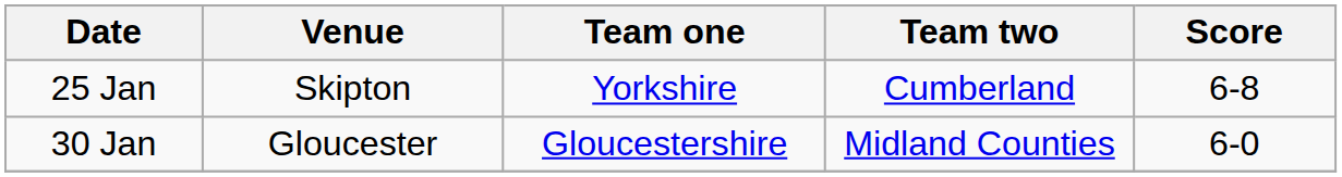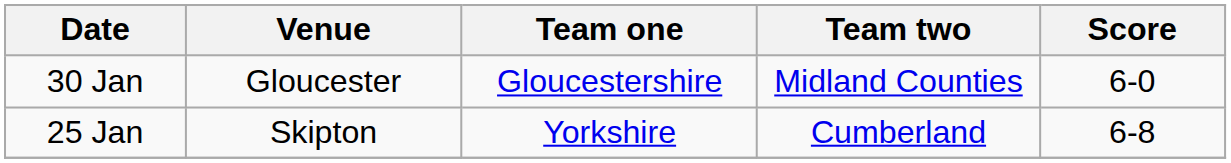 <table class="wikitable" style="text-align: center">
 <tr>
 <th width=100>Date</th>
 <th width=150>Venue</th>
 <th width=150>Team one</th>
 <th width=150>Team two</th>
 <th width=100>Score</th>
 </tr>
 <tr>
+<td>30 Jan</td>
+<td>Gloucester</td>
+<td><a href='#'>Gloucestershire</a></td>
+<td><a href='#'>Midland Counties</a></td>
+<td>6-0</td>
+</tr>
+<tr>
 <td>25 Jan</td>
 <td>Skipton</td>
 <td><a href='#'>Yorkshire</a></td>
 <td><a href='#'>Cumberland</a></td>
 <td>6-8</td>
 </tr>
 <tr>
-<td>30 Jan</td>
-<td>Gloucester</td>
-<td><a href='#'>Gloucestershire</a></td>
-<td><a href='#'>Midland Counties</a></td>
-<td>6-0</td>
-</tr>
-<tr>
 </tr>
 </table>
